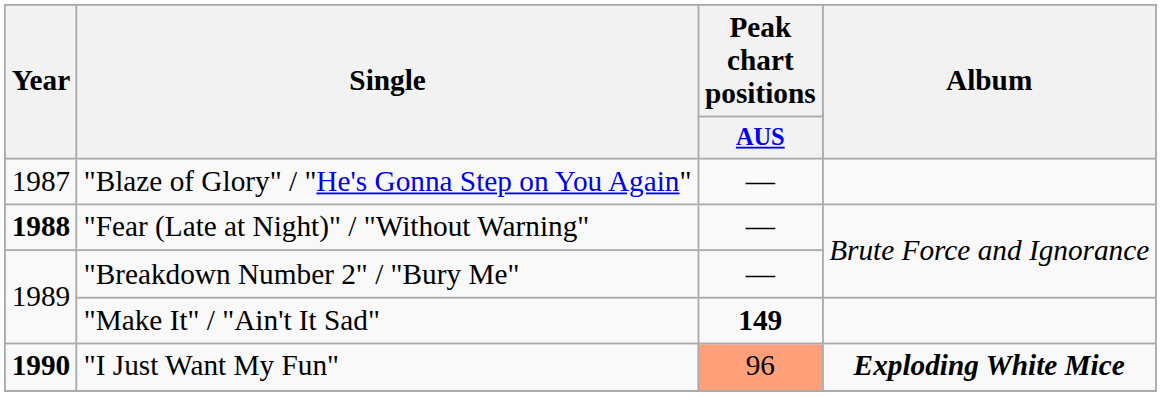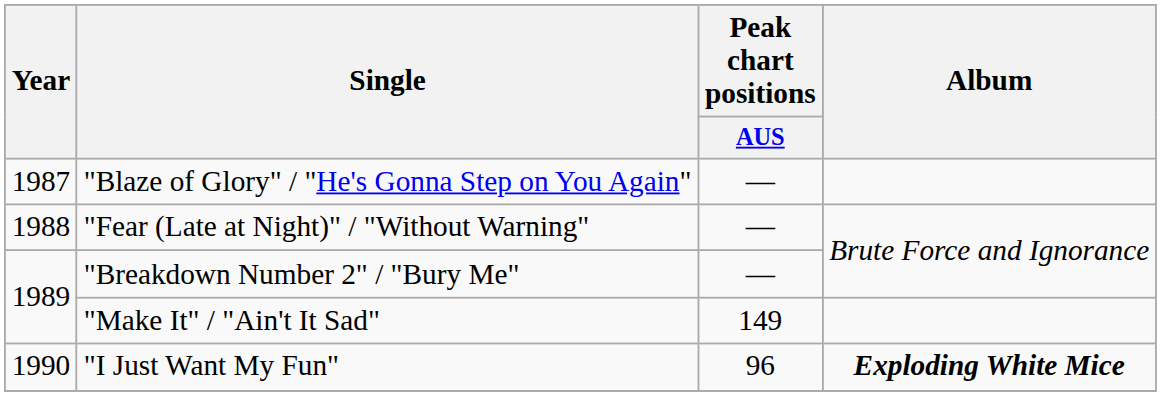 <table class="wikitable" style="text-align:center;">
 <tr>
 <th rowspan="2">Year</th>
 <th rowspan="2">Single</th>
 <th colspan="1">Peak chart positions</th>
 <th rowspan="2">Album</th>
 </tr>
 <tr style="font-size:smaller;">
 <th style="width:35px;"><a href='#'>AUS</a><br></th>
 </tr>
 <tr>
 <td>1987</td>
 <td style="text-align:left;">"Blaze of Glory" / "<a href='#'>He's Gonna Step on You Again</a>"</td>
 <td>—</td>
 <td></td>
 </tr>
 <tr>
-<td><strong>1988</strong></td>
+<td>1988</td>
 <td style="text-align:left;">"Fear (Late at Night)" / "Without Warning"</td>
 <td>—</td>
 <td rowspan="2"><em>Brute Force and Ignorance</em></td>
 </tr>
 <tr>
 <td rowspan="2">1989</td>
 <td style="text-align:left;">"Breakdown Number 2" / "Bury Me"</td>
 <td>—</td>
 </tr>
 <tr>
 <td style="text-align:left;">"Make It" / "Ain't It Sad"</td>
-<td><strong>149</strong></td>
+<td>149</td>
 <td></td>
 </tr>
 <tr>
-<td><strong>1990</strong></td>
+<td>1990</td>
 <td style="text-align:left;">"I Just Want My Fun"</td>
-<td style="background: lightsalmon;">96</td>
+<td>96</td>
 <td><strong><em>Exploding White Mice</em></strong></td>
 </tr>
 <tr>
 </tr>
 </table>
